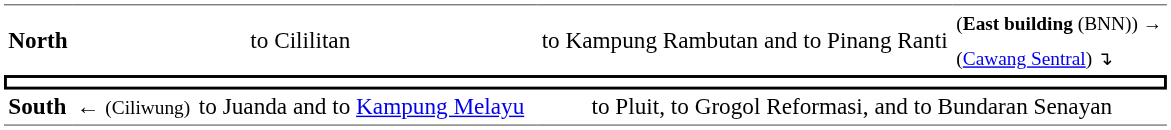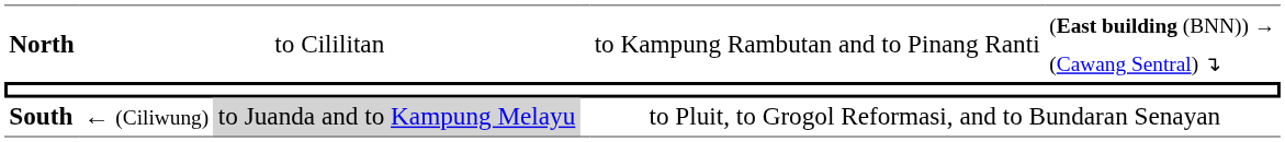 <table cellpadding="3" cellspacing="0">
 <tr>
 <td rowspan="2" style="text-align:center; border-top:solid 1px gray"><strong>North</strong></td>
 <td colspan="2" rowspan="2" style="text-align:center; border-top:solid 1px gray">  to Cililitan</td>
 <td style="text-align:center; border-top:solid 1px gray"></td>
 <td rowspan="2" style="text-align:center; border-top:solid 1px gray"> to Kampung Rambutan and   to Pinang Ranti</td>
 <td style="text-align:center; border-top:solid 1px gray"><small>(<strong>East building</strong> (BNN)) →</small></td>
 </tr>
 <tr>
 <td></td>
 <td><small>(<a href='#'>Cawang Sentral</a>) ↴</small></td>
 </tr>
 <tr>
 <td colspan="6" style="text-align:center; border:solid 2px black; "></td>
 </tr>
 <tr>
 <td style="border-bottom:solid 1px gray"><strong>South</strong></td>
 <td style="border-bottom:solid 1px gray">← <small>(Ciliwung)</small></td>
-<td style="text-align:center ; border-bottom:solid 1px gray"> to Juanda and  to <a href='#'>Kampung Melayu</a></td>
+<td style="background: lightgrey; text-align:center ; border-bottom:solid 1px gray"> to Juanda and  to <a href='#'>Kampung Melayu</a></td>
 <td style="border-bottom:solid 1px gray"></td>
 <td colspan="2" style="text-align:center ; border-bottom:solid 1px gray"> to Pluit,  to Grogol Reformasi, and  to Bundaran Senayan</td>
 </tr>
 </table>
